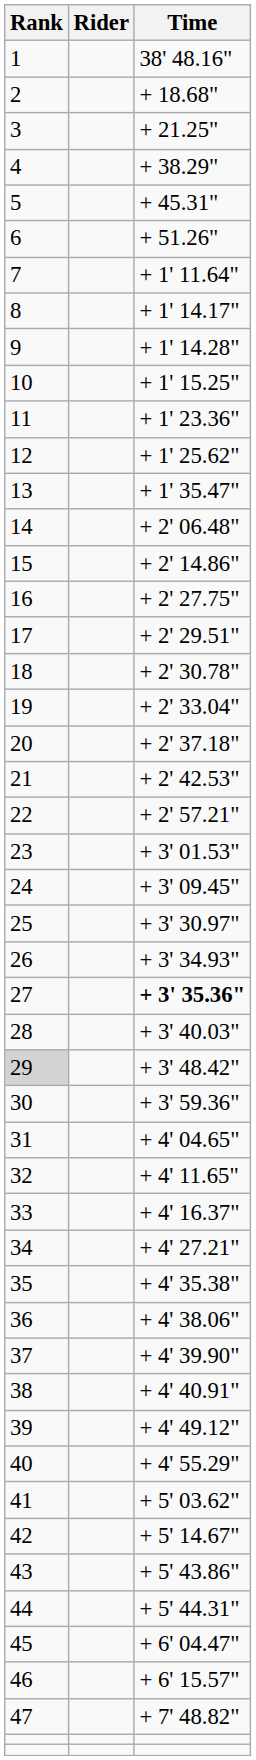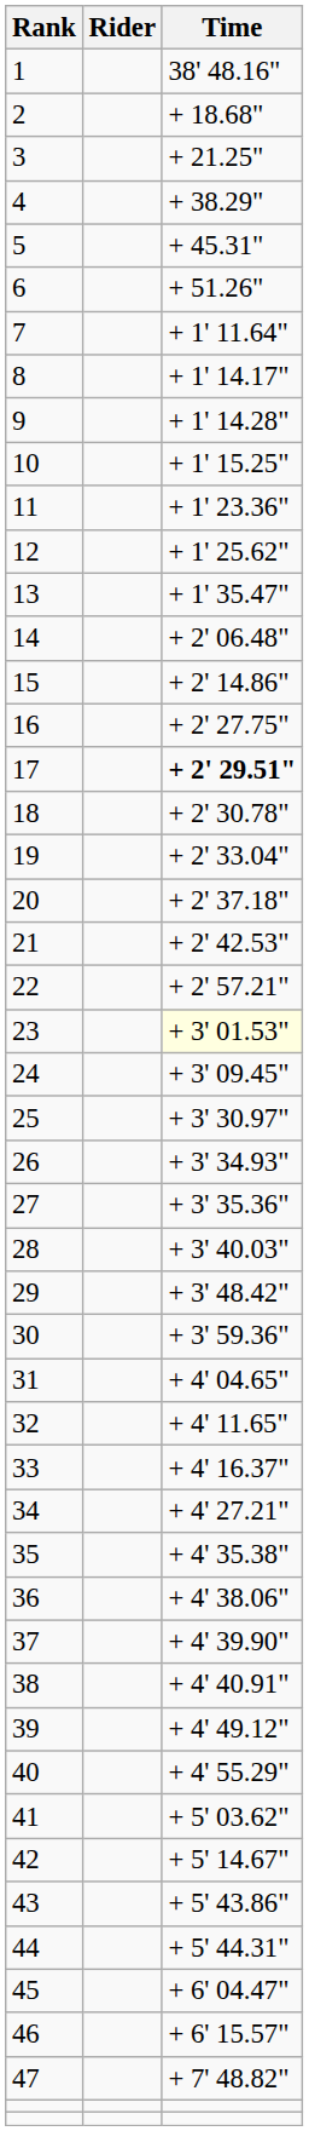 <table class="wikitable">
 <tr>
 <th>Rank</th>
 <th>Rider</th>
 <th>Time</th>
 </tr>
 <tr>
 <td>1</td>
 <td></td>
 <td>38' 48.16"</td>
 </tr>
 <tr>
 <td>2</td>
 <td></td>
 <td>+ 18.68"</td>
 </tr>
 <tr>
 <td>3</td>
 <td></td>
 <td>+ 21.25"</td>
 </tr>
 <tr>
 <td>4</td>
 <td></td>
 <td>+ 38.29"</td>
 </tr>
 <tr>
 <td>5</td>
 <td></td>
 <td>+ 45.31"</td>
 </tr>
 <tr>
 <td>6</td>
 <td></td>
 <td>+ 51.26"</td>
 </tr>
 <tr>
 <td>7</td>
 <td></td>
 <td>+ 1' 11.64"</td>
 </tr>
 <tr>
 <td>8</td>
 <td></td>
 <td>+ 1' 14.17"</td>
 </tr>
 <tr>
 <td>9</td>
 <td></td>
 <td>+ 1' 14.28"</td>
 </tr>
 <tr>
 <td>10</td>
 <td></td>
 <td>+ 1' 15.25"</td>
 </tr>
 <tr>
 <td>11</td>
 <td></td>
 <td>+ 1' 23.36"</td>
 </tr>
 <tr>
 <td>12</td>
 <td></td>
 <td>+ 1' 25.62"</td>
 </tr>
 <tr>
 <td>13</td>
 <td></td>
 <td>+ 1' 35.47"</td>
 </tr>
 <tr>
 <td>14</td>
 <td></td>
 <td>+ 2' 06.48"</td>
 </tr>
 <tr>
 <td>15</td>
 <td></td>
 <td>+ 2' 14.86"</td>
 </tr>
 <tr>
 <td>16</td>
 <td></td>
 <td>+ 2' 27.75"</td>
 </tr>
 <tr>
 <td>17</td>
 <td></td>
-<td>+ 2' 29.51"</td>
+<td><strong>+ 2' 29.51"</strong></td>
 </tr>
 <tr>
 <td>18</td>
 <td></td>
 <td>+ 2' 30.78"</td>
 </tr>
 <tr>
 <td>19</td>
 <td></td>
 <td>+ 2' 33.04"</td>
 </tr>
 <tr>
 <td>20</td>
 <td></td>
 <td>+ 2' 37.18"</td>
 </tr>
 <tr>
 <td>21</td>
 <td></td>
 <td>+ 2' 42.53"</td>
 </tr>
 <tr>
 <td>22</td>
 <td></td>
 <td>+ 2' 57.21"</td>
 </tr>
 <tr>
 <td>23</td>
 <td></td>
-<td>+ 3' 01.53"</td>
+<td style="background: lightyellow;">+ 3' 01.53"</td>
 </tr>
 <tr>
 <td>24</td>
 <td></td>
 <td>+ 3' 09.45"</td>
 </tr>
 <tr>
 <td>25</td>
 <td></td>
 <td>+ 3' 30.97"</td>
 </tr>
 <tr>
 <td>26</td>
 <td></td>
 <td>+ 3' 34.93"</td>
 </tr>
 <tr>
 <td>27</td>
 <td></td>
-<td><strong>+ 3' 35.36"</strong></td>
+<td>+ 3' 35.36"</td>
 </tr>
 <tr>
 <td>28</td>
 <td></td>
 <td>+ 3' 40.03"</td>
 </tr>
 <tr>
-<td style="background: lightgrey;">29</td>
+<td>29</td>
 <td></td>
 <td>+ 3' 48.42"</td>
 </tr>
 <tr>
 <td>30</td>
 <td></td>
 <td>+ 3' 59.36"</td>
 </tr>
 <tr>
 <td>31</td>
 <td></td>
 <td>+ 4' 04.65"</td>
 </tr>
 <tr>
 <td>32</td>
 <td></td>
 <td>+ 4' 11.65"</td>
 </tr>
 <tr>
 <td>33</td>
 <td></td>
 <td>+ 4' 16.37"</td>
 </tr>
 <tr>
 <td>34</td>
 <td></td>
 <td>+ 4' 27.21"</td>
 </tr>
 <tr>
 <td>35</td>
 <td></td>
 <td>+ 4' 35.38"</td>
 </tr>
 <tr>
 <td>36</td>
 <td></td>
 <td>+ 4' 38.06"</td>
 </tr>
 <tr>
 <td>37</td>
 <td></td>
 <td>+ 4' 39.90"</td>
 </tr>
 <tr>
 <td>38</td>
 <td></td>
 <td>+ 4' 40.91"</td>
 </tr>
 <tr>
 <td>39</td>
 <td></td>
 <td>+ 4' 49.12"</td>
 </tr>
 <tr>
 <td>40</td>
 <td></td>
 <td>+ 4' 55.29"</td>
 </tr>
 <tr>
 <td>41</td>
 <td></td>
 <td>+ 5' 03.62"</td>
 </tr>
 <tr>
 <td>42</td>
 <td></td>
 <td>+ 5' 14.67"</td>
 </tr>
 <tr>
 <td>43</td>
 <td></td>
 <td>+ 5' 43.86"</td>
 </tr>
 <tr>
 <td>44</td>
 <td></td>
 <td>+ 5' 44.31"</td>
 </tr>
 <tr>
 <td>45</td>
 <td></td>
 <td>+ 6' 04.47"</td>
 </tr>
 <tr>
 <td>46</td>
 <td></td>
 <td>+ 6' 15.57"</td>
 </tr>
 <tr>
 <td>47</td>
 <td></td>
 <td>+ 7' 48.82"</td>
 </tr>
 <tr>
 <td></td>
 <td></td>
 <td></td>
 </tr>
 <tr>
 <td></td>
 <td></td>
 <td></td>
 </tr>
 </table>
